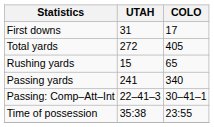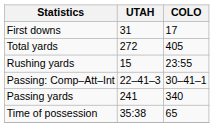 <table class="wikitable" style="float: left;">
 <tr>
 <th>Statistics</th>
 <th>UTAH</th>
 <th>COLO</th>
 </tr>
 <tr>
 <td>First downs</td>
 <td>31</td>
 <td>17</td>
 </tr>
 <tr>
 <td>Total yards</td>
 <td>272</td>
 <td>405</td>
 </tr>
 <tr>
 <td>Rushing yards</td>
 <td>15</td>
-<td>65</td>
+<td>23:55</td>
+</tr>
+<tr>
+<td>Passing: Comp–Att–Int</td>
+<td>22–41–3</td>
+<td>30–41–1</td>
 </tr>
 <tr>
 <td>Passing yards</td>
 <td>241</td>
 <td>340</td>
 </tr>
 <tr>
-<td>Passing: Comp–Att–Int</td>
-<td>22–41–3</td>
-<td>30–41–1</td>
-</tr>
-<tr>
 <td>Time of possession</td>
 <td>35:38</td>
-<td>23:55</td>
+<td>65</td>
 </tr>
 <tr>
 </tr>
 </table>
